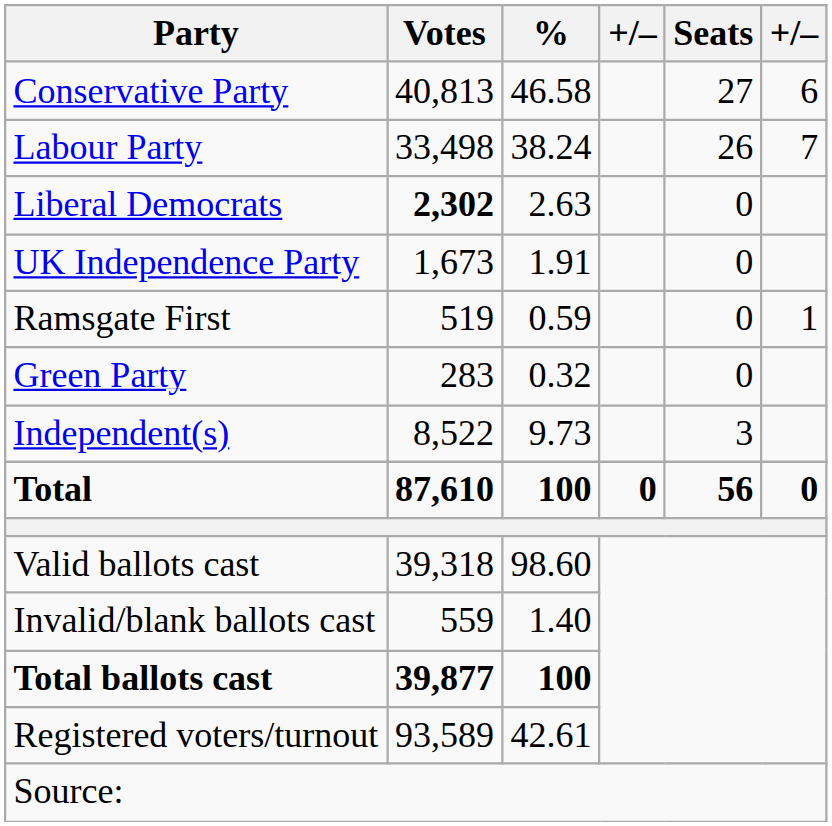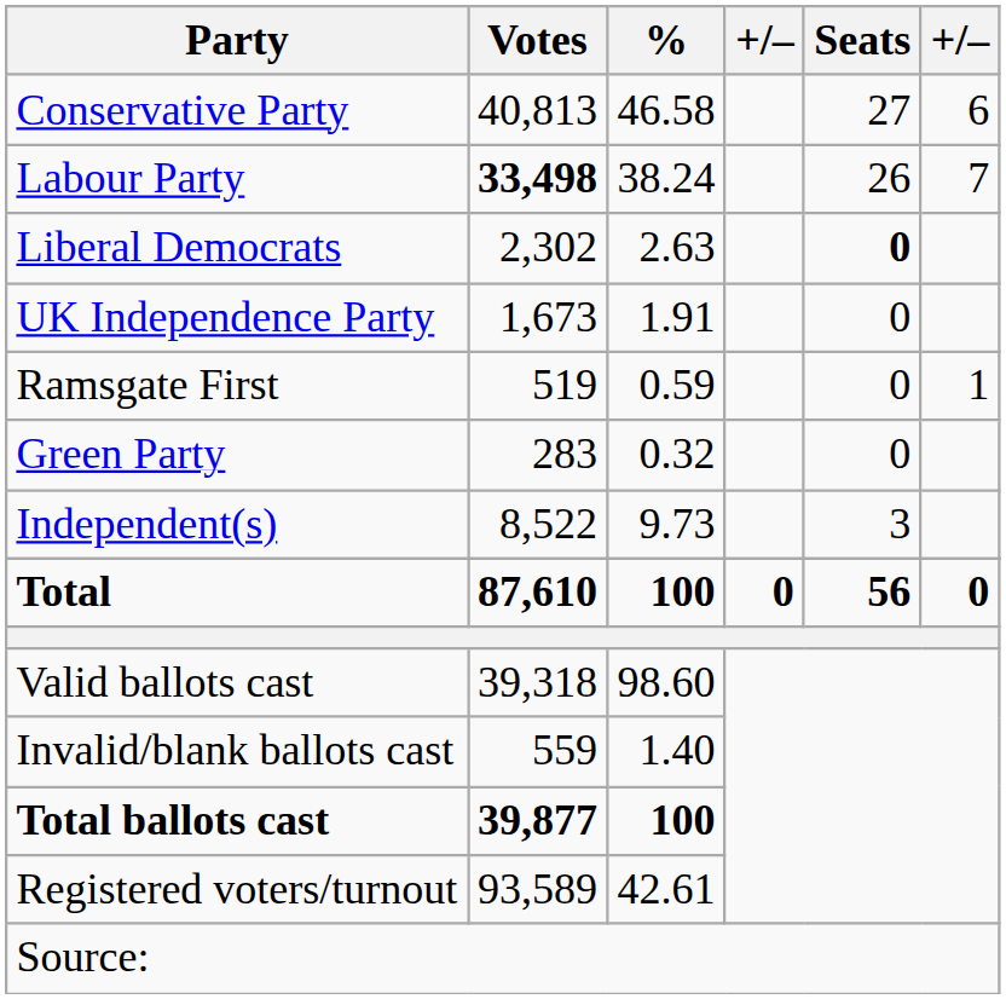 <table class=wikitable style=text-align:right>
 <tr>
 <th>Party</th>
 <th>Votes</th>
 <th>%</th>
 <th>+/–</th>
 <th>Seats</th>
 <th>+/–</th>
 </tr>
 <tr>
 <td align=left><a href='#'>Conservative Party</a></td>
 <td>40,813</td>
 <td>46.58</td>
 <td></td>
 <td>27</td>
 <td>6</td>
 </tr>
 <tr>
 <td align=left><a href='#'>Labour Party</a></td>
-<td>33,498</td>
+<td><strong>33,498</strong></td>
 <td>38.24</td>
 <td></td>
 <td>26</td>
 <td>7</td>
 </tr>
 <tr>
 <td align=left><a href='#'>Liberal Democrats</a></td>
-<td><strong>2,302</strong></td>
+<td>2,302</td>
 <td>2.63</td>
 <td></td>
-<td>0</td>
+<td><strong>0</strong></td>
 <td></td>
 </tr>
 <tr>
 <td align=left><a href='#'>UK Independence Party</a></td>
 <td>1,673</td>
 <td>1.91</td>
 <td></td>
 <td>0</td>
 <td></td>
 </tr>
 <tr>
 <td align=left>Ramsgate First</td>
 <td>519</td>
 <td>0.59</td>
 <td></td>
 <td>0</td>
 <td>1</td>
 </tr>
 <tr>
 <td align=left><a href='#'>Green Party</a></td>
 <td>283</td>
 <td>0.32</td>
 <td></td>
 <td>0</td>
 <td></td>
 </tr>
 <tr>
 <td align=left><a href='#'>Independent(s)</a></td>
 <td>8,522</td>
 <td>9.73</td>
 <td></td>
 <td>3</td>
 <td></td>
 </tr>
 <tr>
 </tr>
 <tr>
 <td align=left><strong>Total</strong></td>
 <td><strong>87,610</strong></td>
 <td><strong>100</strong></td>
 <td><strong>0</strong></td>
 <td><strong>56</strong></td>
 <td><strong>0</strong></td>
 </tr>
 <tr>
 <th colspan=6></th>
 </tr>
 <tr>
 <td align=left>Valid ballots cast</td>
 <td>39,318</td>
 <td>98.60</td>
 <td colspan=3 rowspan=4></td>
 </tr>
 <tr>
 <td align=left>Invalid/blank ballots cast</td>
 <td>559</td>
 <td>1.40</td>
 </tr>
 <tr>
 <td align=left><strong>Total ballots cast</strong></td>
 <td><strong>39,877</strong></td>
 <td><strong>100</strong></td>
 </tr>
 <tr>
 <td align=left>Registered voters/turnout</td>
 <td>93,589</td>
 <td>42.61</td>
 </tr>
 <tr>
 <td align=left colspan=6>Source: </td>
 </tr>
 </table>
